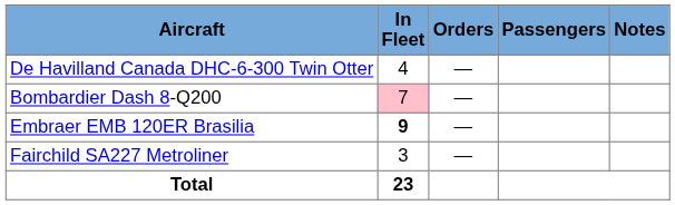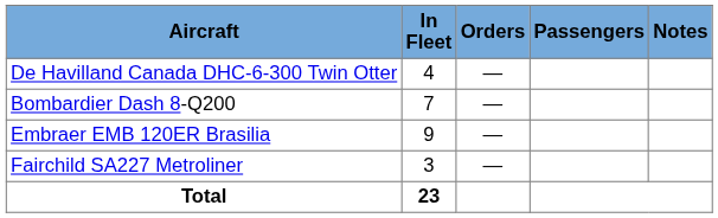 <table class="toccolours" border="1" cellpadding="3" style="margin:1em auto; border-collapse:collapse">
 <tr bgcolor=#75aadb>
 <th>Aircraft</th>
 <th>In<br>Fleet</th>
 <th>Orders</th>
 <th>Passengers</th>
 <th>Notes</th>
 </tr>
 <tr>
 <td><a href='#'>De Havilland Canada DHC-6-300 Twin Otter</a></td>
 <td align="center">4</td>
 <td align="center">—</td>
 <td align="center"></td>
 <td></td>
 </tr>
 <tr>
 <td><a href='#'>Bombardier Dash 8</a>-Q200</td>
-<td align="center" style="background: pink;">7</td>
+<td align="center">7</td>
 <td align="center">—</td>
 <td align="center"></td>
 <td></td>
 </tr>
 <tr>
 <td><a href='#'>Embraer EMB 120ER Brasilia</a></td>
-<td align="center"><strong>9</strong></td>
+<td align="center">9</td>
 <td align="center">—</td>
 <td align="center"></td>
 <td></td>
 </tr>
 <tr>
 <td><a href='#'>Fairchild SA227 Metroliner</a></td>
 <td align="center">3</td>
 <td align="center">—</td>
 <td align="center"></td>
 <td></td>
 </tr>
 <tr>
 <th>Total</th>
 <th>23</th>
 <th></th>
 <th colspan="2"></th>
 </tr>
 </table>
